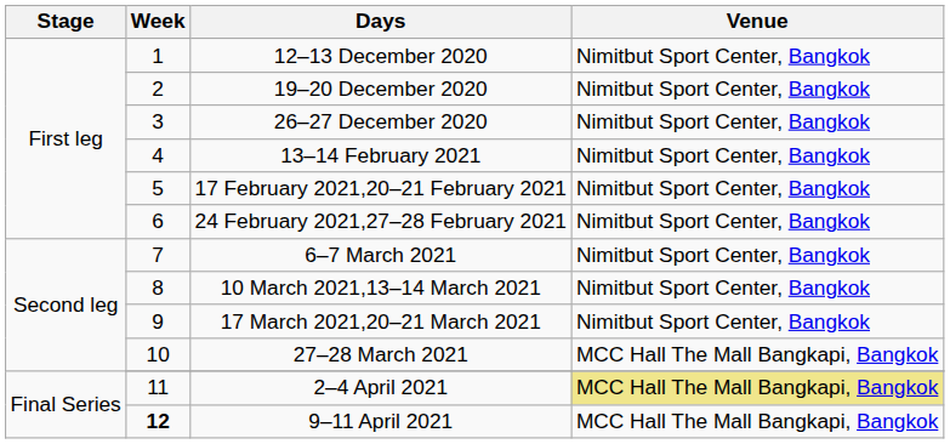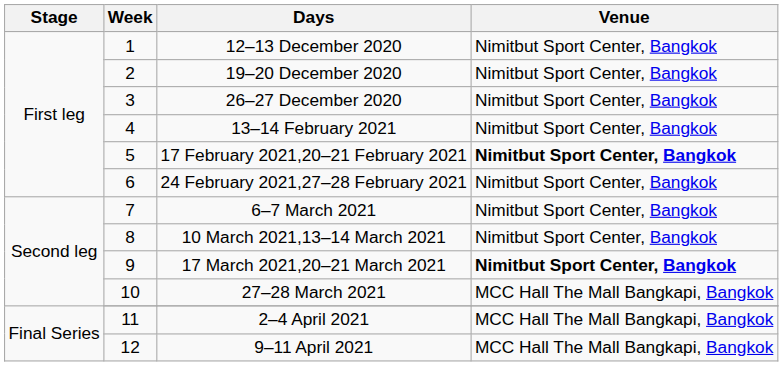 <table class="wikitable" style="text-align:center">
 <tr>
 <th>Stage</th>
 <th>Week</th>
 <th>Days</th>
 <th>Venue</th>
 </tr>
 <tr>
 <td rowspan=6>First leg</td>
 <td>1</td>
 <td>12–13 December 2020</td>
 <td align=left>Nimitbut Sport Center, <a href='#'>Bangkok</a></td>
 </tr>
 <tr>
 <td>2</td>
 <td>19–20 December 2020</td>
 <td align=left>Nimitbut Sport Center, <a href='#'>Bangkok</a></td>
 </tr>
 <tr>
 <td>3</td>
 <td>26–27 December 2020</td>
 <td align=left>Nimitbut Sport Center, <a href='#'>Bangkok</a></td>
 </tr>
 <tr>
 <td>4</td>
 <td>13–14 February 2021</td>
 <td align=left>Nimitbut Sport Center, <a href='#'>Bangkok</a></td>
 </tr>
 <tr>
 <td>5</td>
 <td>17 February 2021,20–21 February 2021</td>
-<td align=left>Nimitbut Sport Center, <a href='#'>Bangkok</a></td>
+<td align=left><strong>Nimitbut Sport Center, <a href='#'>Bangkok</a></strong></td>
 </tr>
 <tr>
 <td>6</td>
 <td>24 February 2021,27–28 February 2021</td>
 <td align=left>Nimitbut Sport Center, <a href='#'>Bangkok</a></td>
 </tr>
 <tr>
 <td rowspan=4>Second leg</td>
 <td>7</td>
 <td>6–7 March 2021</td>
 <td align=left>Nimitbut Sport Center, <a href='#'>Bangkok</a></td>
 </tr>
 <tr>
 <td>8</td>
 <td>10 March 2021,13–14 March 2021</td>
 <td align=left>Nimitbut Sport Center, <a href='#'>Bangkok</a></td>
 </tr>
 <tr>
 <td>9</td>
 <td>17 March 2021,20–21 March 2021</td>
-<td align=left>Nimitbut Sport Center, <a href='#'>Bangkok</a></td>
+<td align=left><strong>Nimitbut Sport Center, <a href='#'>Bangkok</a></strong></td>
 </tr>
 <tr>
 <td>10</td>
 <td>27–28 March 2021</td>
 <td align=left>MCC Hall The Mall Bangkapi, <a href='#'>Bangkok</a></td>
 </tr>
 <tr>
 <td rowspan=4>Final Series</td>
 </tr>
 <tr>
 <td>11</td>
 <td>2–4 April 2021</td>
-<td align=left style="background: khaki;">MCC Hall The Mall Bangkapi, <a href='#'>Bangkok</a></td>
+<td align=left>MCC Hall The Mall Bangkapi, <a href='#'>Bangkok</a></td>
 </tr>
 <tr>
-<td><strong>12</strong></td>
+<td>12</td>
 <td>9–11 April 2021</td>
 <td align=left>MCC Hall The Mall Bangkapi, <a href='#'>Bangkok</a></td>
 </tr>
 </table>
